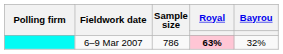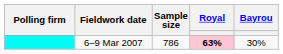 <table class="wikitable sortable" style="text-align:center;font-size:90%;line-height:14px;">
 <tr style="height:40px;">
 <th style="width:100px;" rowspan="2">Polling firm</th>
 <th style="width:110px;" rowspan="2">Fieldwork date</th>
 <th style="width:35px;" rowspan="2">Sample<br>size</th>
 <th class="unsortable" style="width:60px;"><a href='#'>Royal</a><br></th>
 <th class="unsortable" style="width:60px;"><a href='#'>Bayrou</a><br></th>
 </tr>
 <tr>
 <th style="background:"></th>
 <th style="background:"></th>
 </tr>
 <tr>
 <td style="background:#04FBF4;"></td>
 <td data-sort-value="2007-03-09">6–9 Mar 2007</td>
 <td>786</td>
 <td style="background:#FFC6D5;"><strong>63%</strong></td>
-<td>32%</td>
+<td>30%</td>
 </tr>
 </table>
